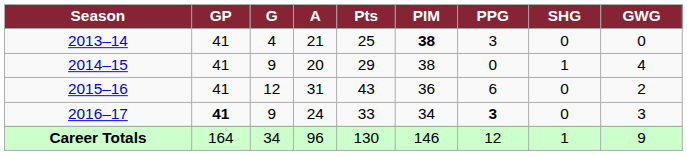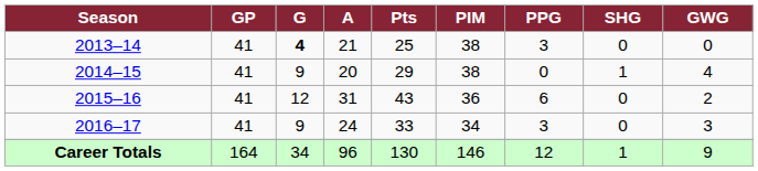 <table class="wikitable" width="80%">
 <tr align="center" style="color:white; background:#862334; ">
 <td><strong>Season</strong></td>
 <td><strong>GP</strong></td>
 <td><strong>G</strong></td>
 <td><strong>A</strong></td>
 <td><strong>Pts</strong></td>
 <td><strong>PIM</strong></td>
 <td><strong>PPG</strong></td>
 <td><strong>SHG</strong></td>
 <td><strong>GWG</strong></td>
 </tr>
 <tr align="center" bgcolor="">
 <td><a href='#'>2013–14</a></td>
 <td>41</td>
-<td>4</td>
+<td><strong>4</strong></td>
 <td>21</td>
 <td>25</td>
-<td><strong>38</strong></td>
+<td>38</td>
 <td>3</td>
 <td>0</td>
 <td>0</td>
 </tr>
 <tr align="center" bgcolor="">
 <td><a href='#'>2014–15</a></td>
 <td>41</td>
 <td>9</td>
 <td>20</td>
 <td>29</td>
 <td>38</td>
 <td>0</td>
 <td>1</td>
 <td>4</td>
 </tr>
 <tr align="center" bgcolor="">
 <td><a href='#'>2015–16</a></td>
 <td>41</td>
 <td>12</td>
 <td>31</td>
 <td>43</td>
 <td>36</td>
 <td>6</td>
 <td>0</td>
 <td>2</td>
 </tr>
 <tr align="center" bgcolor="">
 <td><a href='#'>2016–17</a></td>
-<td><strong>41</strong></td>
+<td>41</td>
 <td>9</td>
 <td>24</td>
 <td>33</td>
 <td>34</td>
-<td><strong>3</strong></td>
+<td>3</td>
 <td>0</td>
 <td>3</td>
 </tr>
 <tr align="center" bgcolor="">
 </tr>
 <tr>
 </tr>
 <tr align="center" bgcolor="#ccffcc">
 <td><strong>Career Totals</strong></td>
 <td>164</td>
 <td>34</td>
 <td>96</td>
 <td>130</td>
 <td>146</td>
 <td>12</td>
 <td>1</td>
 <td>9</td>
 </tr>
 </table>
